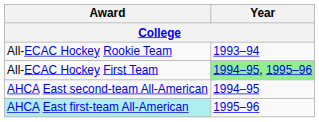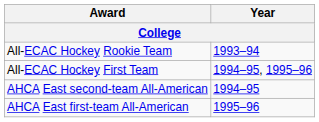 <table class="wikitable">
 <tr>
 <th>Award</th>
 <th>Year</th>
 </tr>
 <tr>
 <th colspan="3"><a href='#'>College</a></th>
 </tr>
 <tr>
 <td>All-<a href='#'>ECAC Hockey</a> <a href='#'>Rookie Team</a></td>
 <td><a href='#'>1993–94</a></td>
 </tr>
 <tr>
 <td>All-<a href='#'>ECAC Hockey</a> <a href='#'>First Team</a></td>
-<td style="background: lightgreen;"><a href='#'>1994–95</a>, <a href='#'>1995–96</a></td>
+<td><a href='#'>1994–95</a>, <a href='#'>1995–96</a></td>
 </tr>
 <tr>
 <td><a href='#'>AHCA</a> <a href='#'>East second-team All-American</a></td>
 <td><a href='#'>1994–95</a></td>
 </tr>
 <tr>
-<td style="background: paleturquoise;"><a href='#'>AHCA</a> <a href='#'>East first-team All-American</a></td>
+<td><a href='#'>AHCA</a> <a href='#'>East first-team All-American</a></td>
 <td><a href='#'>1995–96</a></td>
 </tr>
 </table>
